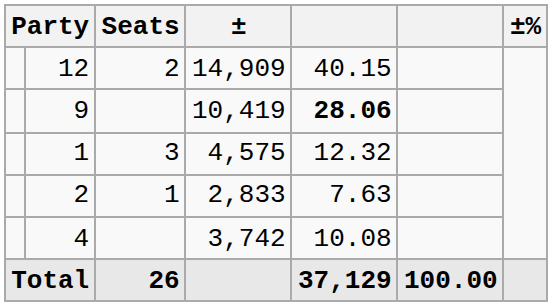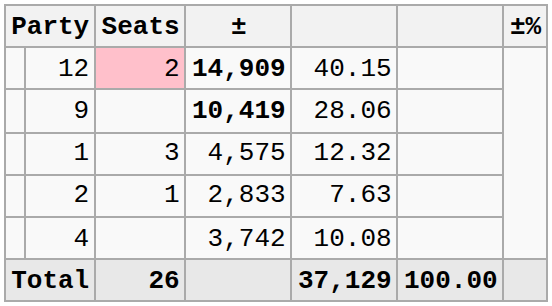 <table class=wikitable>
 <tr>
 <th colspan=2 align=center>Party</th>
 <th>Seats</th>
 <th>±</th>
 <th></th>
 <th></th>
 <th>±%</th>
 </tr>
 <tr>
 <td></td>
 <td align=right>12</td>
-<td align=right>2</td>
-<td align=right>14,909</td>
+<td align=right style="background: pink;">2</td>
+<td align=right><strong>14,909</strong></td>
 <td align=right>40.15</td>
 <td align=right></td>
 </tr>
 <tr>
 <td></td>
 <td align=right>9</td>
 <td align=right></td>
-<td align=right>10,419</td>
-<td align=right><strong>28.06</strong></td>
+<td align=right><strong>10,419</strong></td>
+<td align=right>28.06</td>
 <td align=right></td>
 </tr>
 <tr>
 <td></td>
 <td align=right>1</td>
 <td align=right>3</td>
 <td align=right>4,575</td>
 <td align=right>12.32</td>
 <td align=right></td>
 </tr>
 <tr>
 <td></td>
 <td align=right>2</td>
 <td align=right>1</td>
 <td align=right>2,833</td>
 <td align=right>7.63</td>
 <td align=right></td>
 </tr>
 <tr>
 <td></td>
 <td align=right>4</td>
 <td align=right></td>
 <td align=right>3,742</td>
 <td align=right>10.08</td>
 <td align=right></td>
 </tr>
 <tr style="font-weight:bold; background:rgb(232,232,232);">
 <td colspan=2 align=center>Total</td>
 <td align=right>26</td>
 <td align=center></td>
 <td align=right>37,129</td>
 <td align=center>100.00</td>
 <td></td>
 </tr>
 </table>
